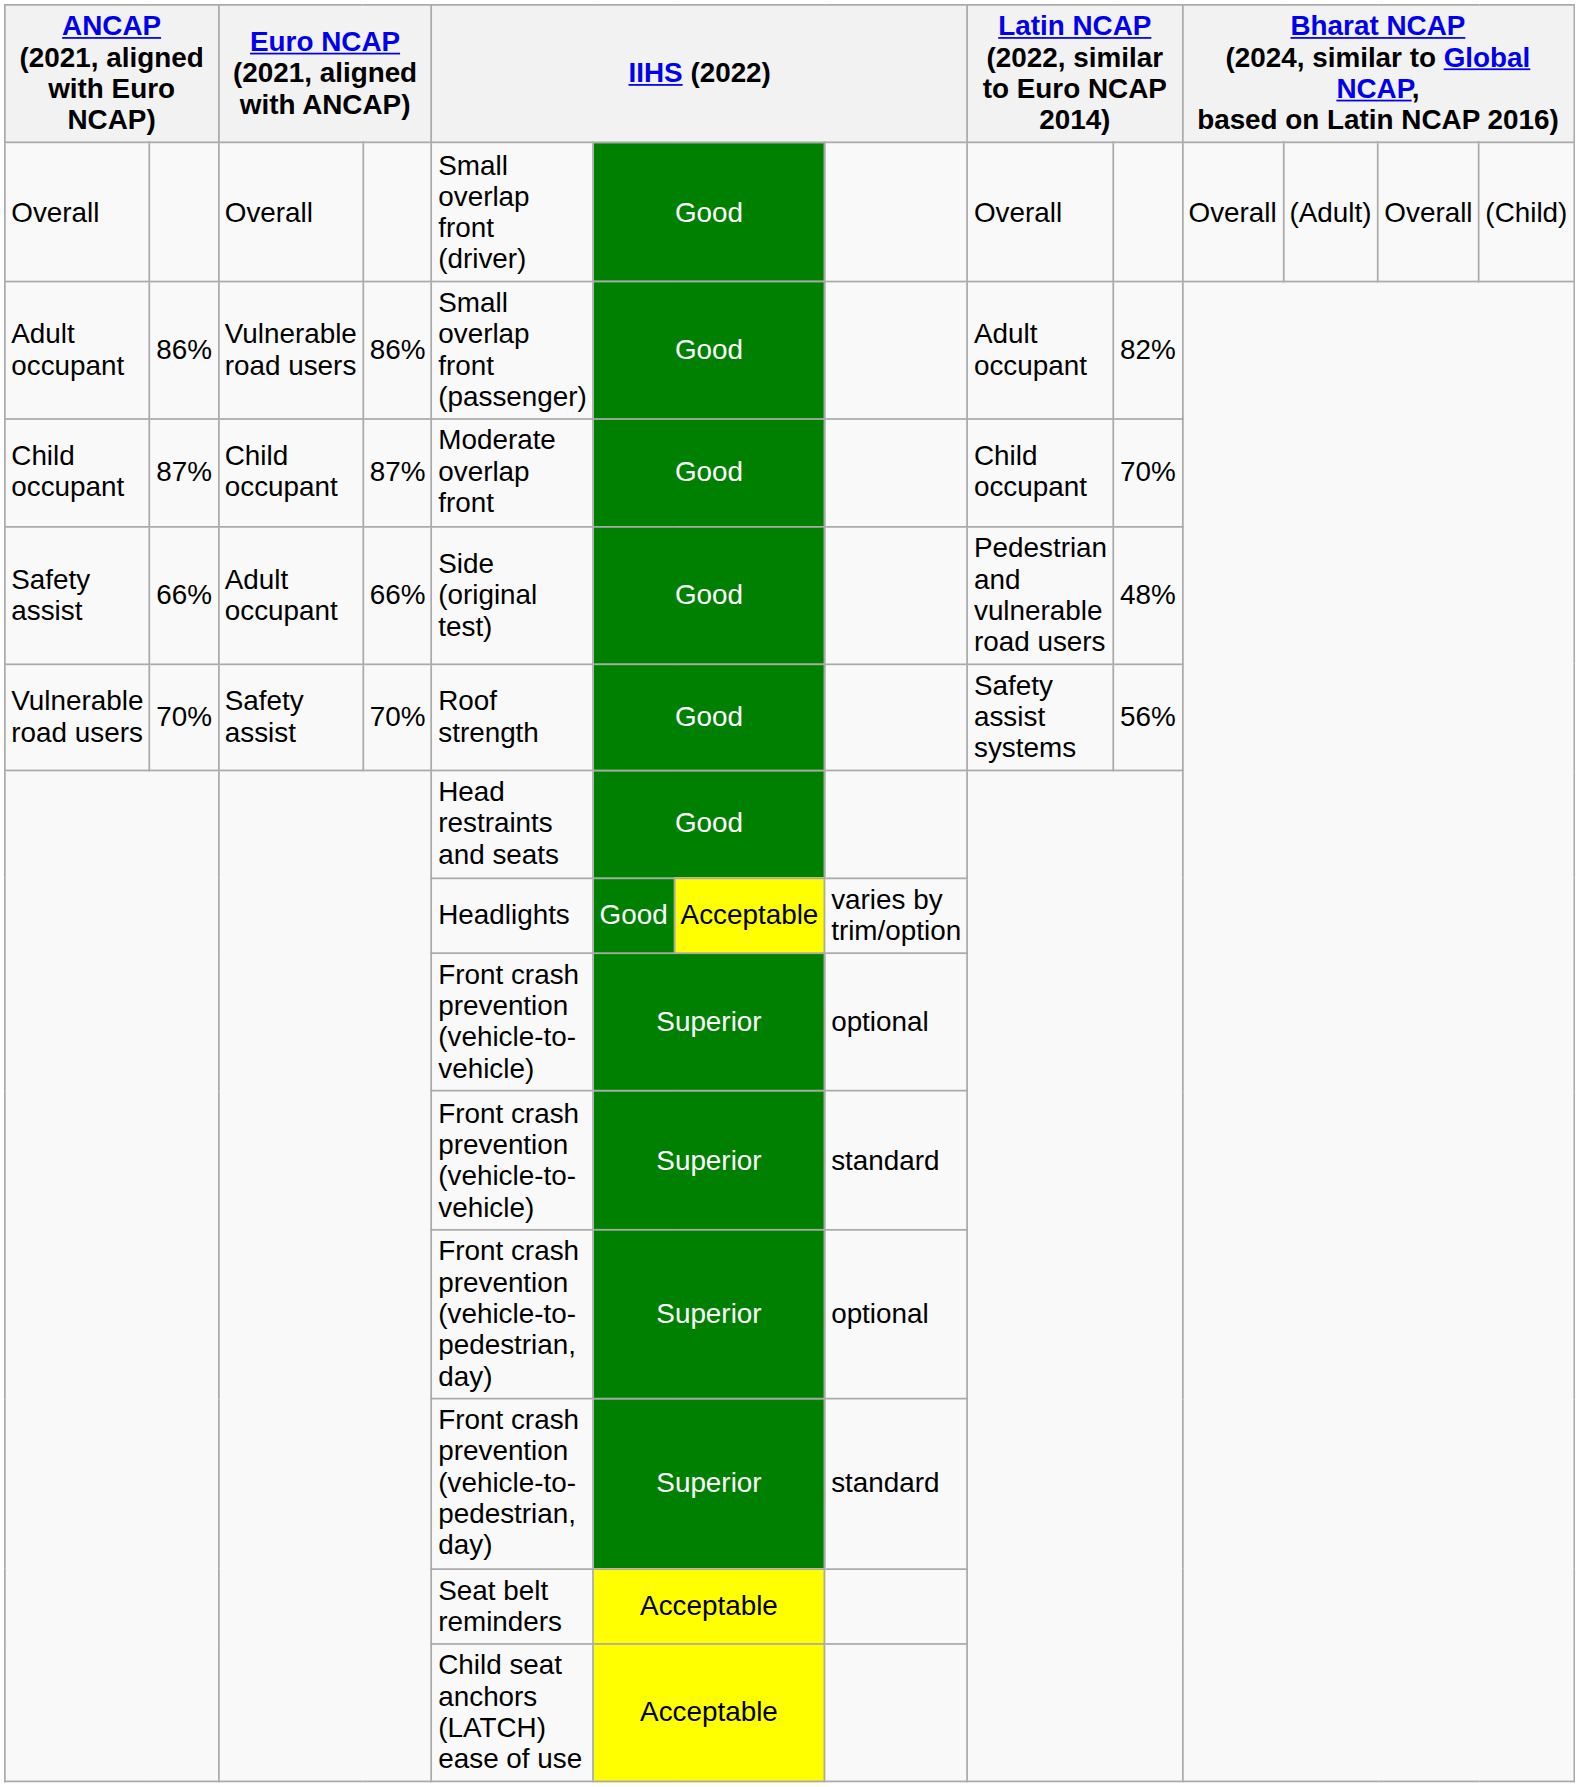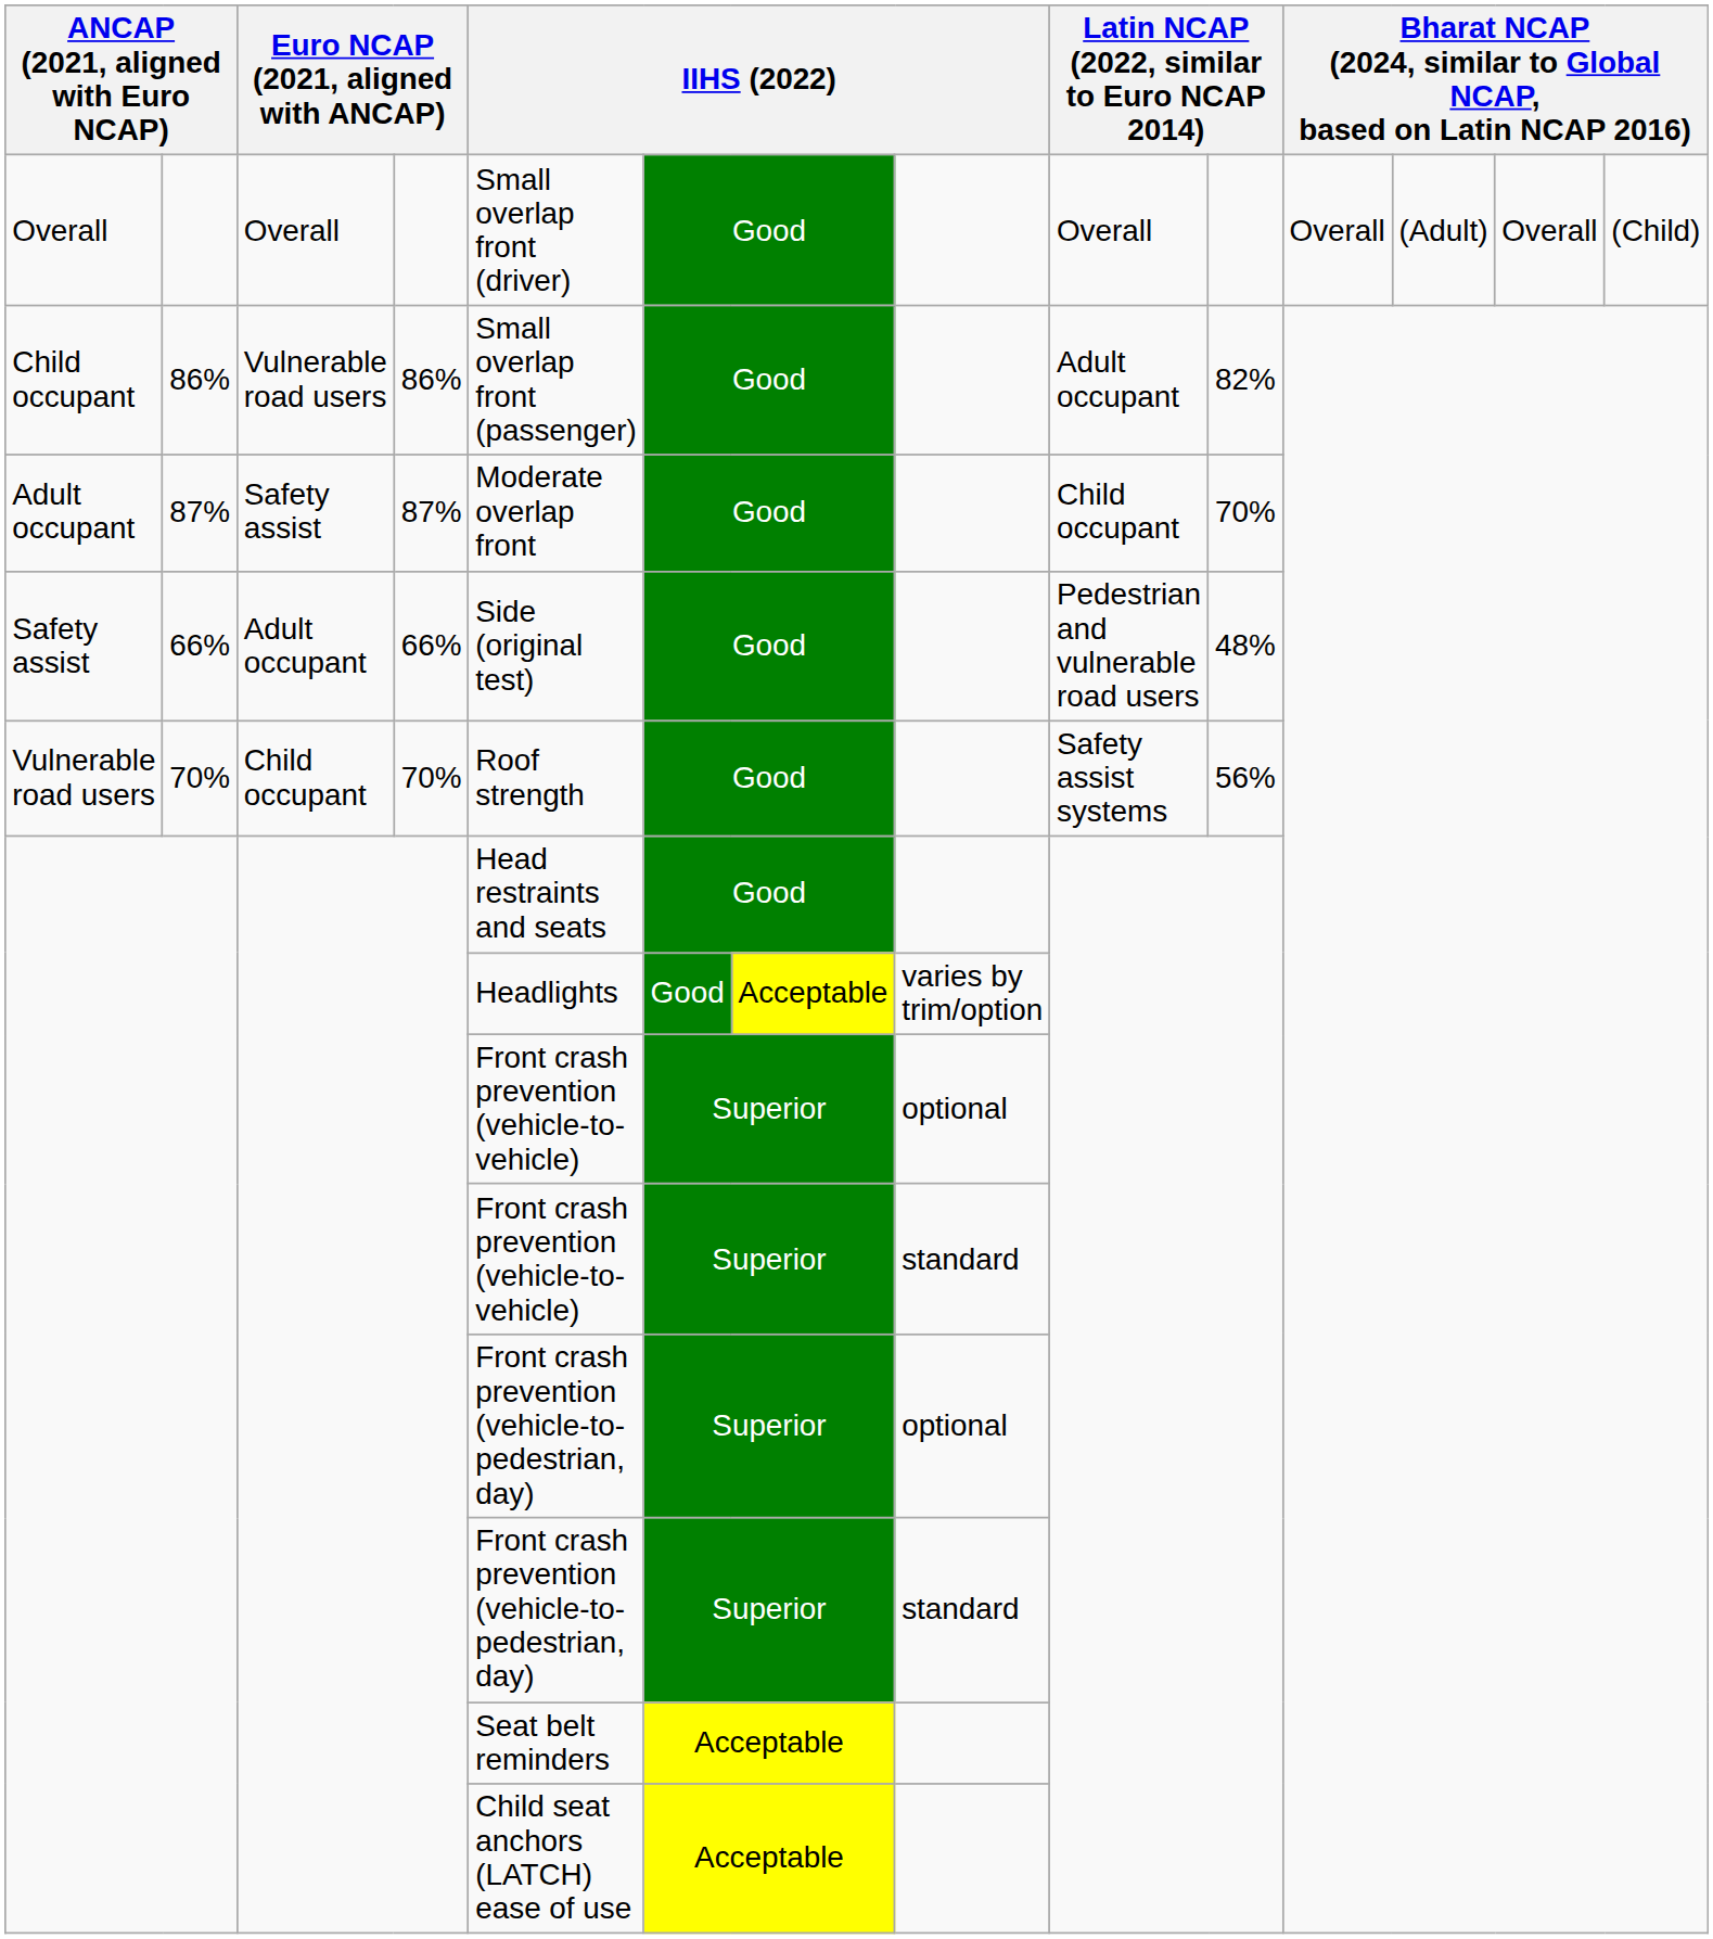 <table class="wikitable">
 <tr>
 <th colspan="2"><a href='#'>ANCAP</a> <br> (2021, aligned with Euro NCAP) </th>
 <th colspan="2"><a href='#'>Euro NCAP</a> <br> (2021, aligned with ANCAP) </th>
 <th colspan="4"><a href='#'>IIHS</a> (2022)</th>
 <th colspan="2"><a href='#'>Latin NCAP</a> <br> (2022, similar to Euro NCAP 2014)</th>
 <th colspan="4"><a href='#'>Bharat NCAP</a> <br> (2024, similar to <a href='#'>Global NCAP</a>, <br> based on Latin NCAP 2016)</th>
 </tr>
 <tr>
 <td>Overall</td>
 <td></td>
 <td>Overall</td>
 <td></td>
 <td>Small overlap front (driver)</td>
 <td colspan="2" style="text-align:center;color:white;background:green">Good</td>
 <td></td>
 <td>Overall</td>
 <td></td>
 <td>Overall</td>
 <td> (Adult)</td>
 <td>Overall</td>
 <td> (Child)</td>
 </tr>
 <tr>
-<td>Adult occupant</td>
+<td>Child occupant</td>
 <td>86%</td>
 <td>Vulnerable road users</td>
 <td>86%</td>
 <td>Small overlap front (passenger)</td>
 <td colspan="2" style="text-align:center;color:white;background:green">Good</td>
 <td></td>
 <td>Adult occupant</td>
 <td>82%</td>
 </tr>
 <tr>
-<td>Child occupant</td>
+<td>Adult occupant</td>
 <td>87%</td>
-<td>Child occupant</td>
+<td>Safety assist</td>
 <td>87%</td>
 <td>Moderate overlap front</td>
 <td colspan="2" style="text-align:center;color:white;background:green">Good</td>
 <td></td>
 <td>Child occupant</td>
 <td>70%</td>
 </tr>
 <tr>
 <td>Safety assist</td>
 <td>66%</td>
 <td>Adult occupant</td>
 <td>66%</td>
 <td>Side (original test)</td>
 <td colspan="2" style="text-align:center;color:white;background:green">Good</td>
 <td></td>
 <td>Pedestrian and vulnerable road users</td>
 <td>48%</td>
 </tr>
 <tr>
 <td>Vulnerable road users</td>
 <td>70%</td>
-<td>Safety assist</td>
+<td>Child occupant</td>
 <td>70%</td>
 <td>Roof strength</td>
 <td colspan="2" style="text-align:center;color:white;background:green">Good</td>
 <td></td>
 <td>Safety assist systems</td>
 <td>56%</td>
 </tr>
 <tr>
 <td colspan="2" rowspan="8"></td>
 <td colspan="2" rowspan="8"></td>
 <td>Head restraints and seats</td>
 <td colspan="2" style="text-align:center;color:white;background:green">Good</td>
 <td></td>
 <td colspan="2" rowspan="8"></td>
 </tr>
 <tr>
 <td>Headlights</td>
 <td style="text-align:center;color:white;background:green">Good</td>
 <td style="text-align:center;color:black;background:yellow">Acceptable</td>
 <td>varies by trim/option</td>
 </tr>
 <tr>
 <td>Front crash prevention (vehicle-to-vehicle)</td>
 <td colspan="2" style="text-align:center;color:white;background:green">Superior</td>
 <td>optional</td>
 </tr>
 <tr>
 <td>Front crash prevention (vehicle-to-vehicle)</td>
 <td colspan="2" style="text-align:center;color:white;background:green">Superior</td>
 <td>standard</td>
 </tr>
 <tr>
 <td>Front crash prevention (vehicle-to-pedestrian, day)</td>
 <td colspan="2" style="text-align:center;color:white;background:green">Superior</td>
 <td>optional</td>
 </tr>
 <tr>
 <td>Front crash prevention (vehicle-to-pedestrian, day)</td>
 <td colspan="2" style="text-align:center;color:white;background:green">Superior</td>
 <td>standard</td>
 </tr>
 <tr>
 <td>Seat belt reminders</td>
 <td colspan="2" style="text-align:center;color:black;background:yellow">Acceptable</td>
 <td></td>
 </tr>
 <tr>
 <td>Child seat anchors (LATCH) ease of use</td>
 <td colspan="2" style="text-align:center;color:black;background:yellow">Acceptable</td>
 <td></td>
 </tr>
 </table>
